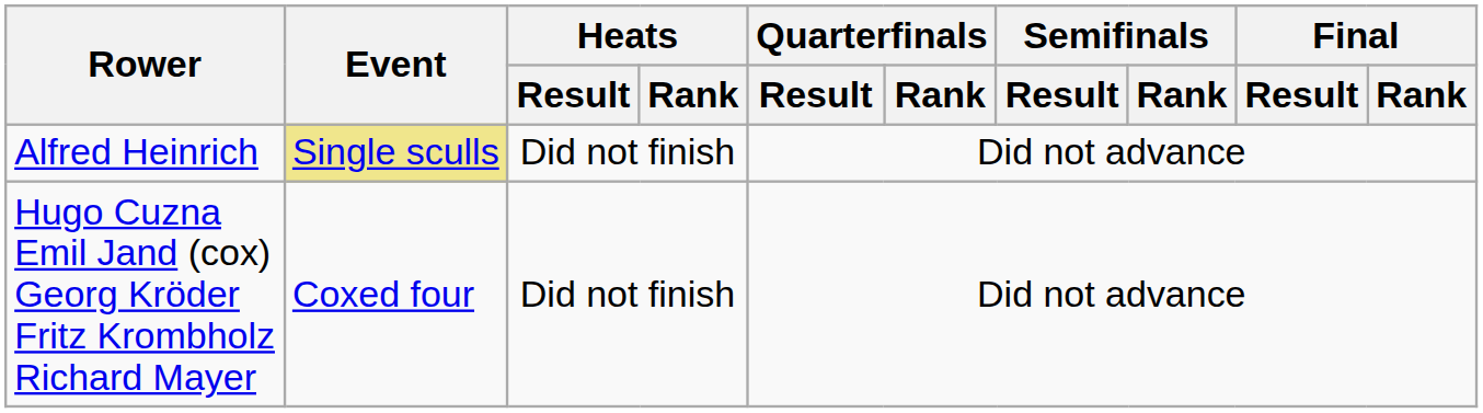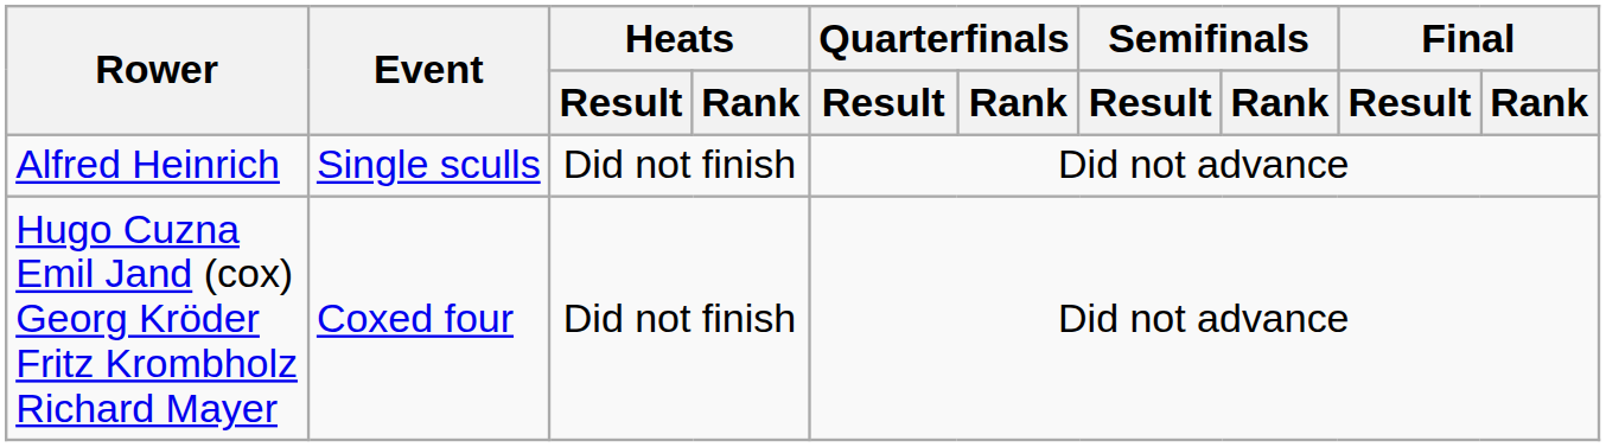 <table class=wikitable style="font-size:90%">
 <tr>
 <th rowspan=2>Rower</th>
 <th rowspan=2>Event</th>
 <th colspan=2>Heats</th>
 <th colspan=2>Quarterfinals</th>
 <th colspan=2>Semifinals</th>
 <th colspan=2>Final</th>
 </tr>
 <tr>
 <th>Result</th>
 <th>Rank</th>
 <th>Result</th>
 <th>Rank</th>
 <th>Result</th>
 <th>Rank</th>
 <th>Result</th>
 <th>Rank</th>
 </tr>
 <tr>
 <td><a href='#'>Alfred Heinrich</a></td>
-<td style="background: khaki;"><a href='#'>Single sculls</a></td>
+<td><a href='#'>Single sculls</a></td>
 <td align=center colspan=2>Did not finish</td>
 <td align=center colspan=6>Did not advance</td>
 </tr>
 <tr>
 <td><a href='#'>Hugo Cuzna</a> <br> <a href='#'>Emil Jand</a> (cox) <br> <a href='#'>Georg Kröder</a> <br> <a href='#'>Fritz Krombholz</a> <br> <a href='#'>Richard Mayer</a></td>
 <td><a href='#'>Coxed four</a></td>
 <td align=center colspan=2>Did not finish</td>
 <td align=center colspan=6>Did not advance</td>
 </tr>
 </table>
